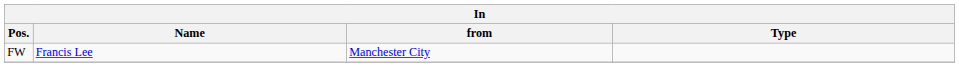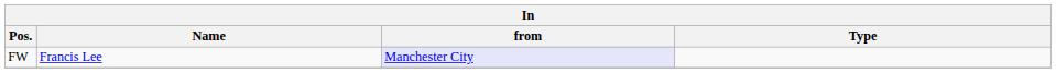 <table class="wikitable" style="font-size:100%;width:99%;">
 <tr>
 <th colspan="4">In</th>
 </tr>
 <tr>
 <th width=3%>Pos.</th>
 <th width=33%>Name</th>
 <th width=28%>from</th>
 <th width=36%>Type</th>
 </tr>
 <tr>
 <td>FW</td>
 <td><a href='#'>Francis Lee</a></td>
-<td><a href='#'>Manchester City</a></td>
+<td style="background: lavender;"><a href='#'>Manchester City</a></td>
 <td></td>
 </tr>
 <tr>
 </tr>
 </table>
